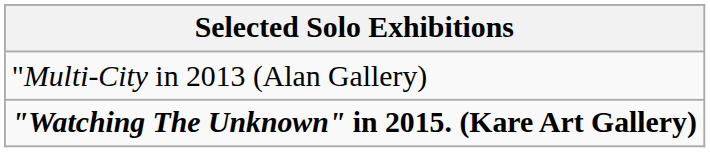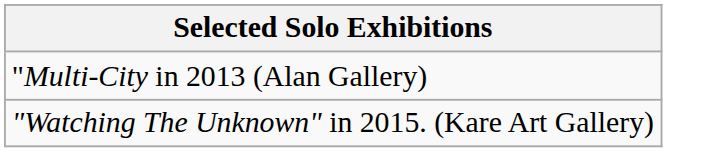 <table class="wikitable">
 <tr>
 <th><strong>Selected Solo Exhibitions</strong></th>
 </tr>
 <tr>
 <td>"<em>Multi-City</em> in 2013  (Alan Gallery)</td>
 </tr>
 <tr>
-<td><strong><em>"Watching The Unknown"</em> in 2015.  (Kare Art Gallery)</strong></td>
+<td><em>"Watching The Unknown"</em> in 2015.  (Kare Art Gallery)</td>
 </tr>
 </table>
